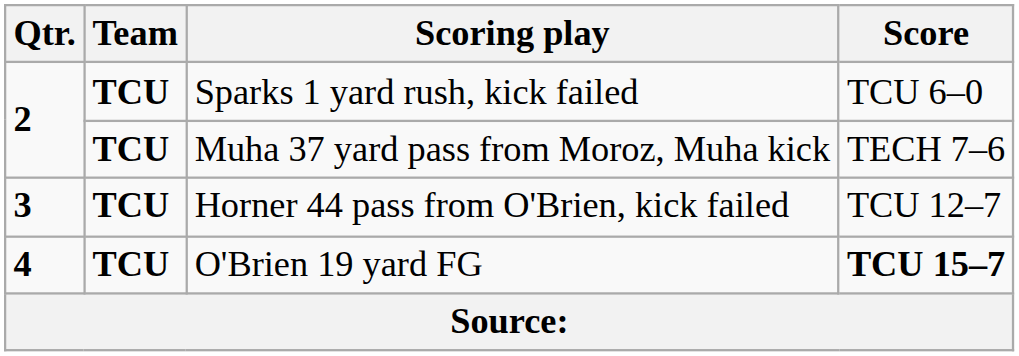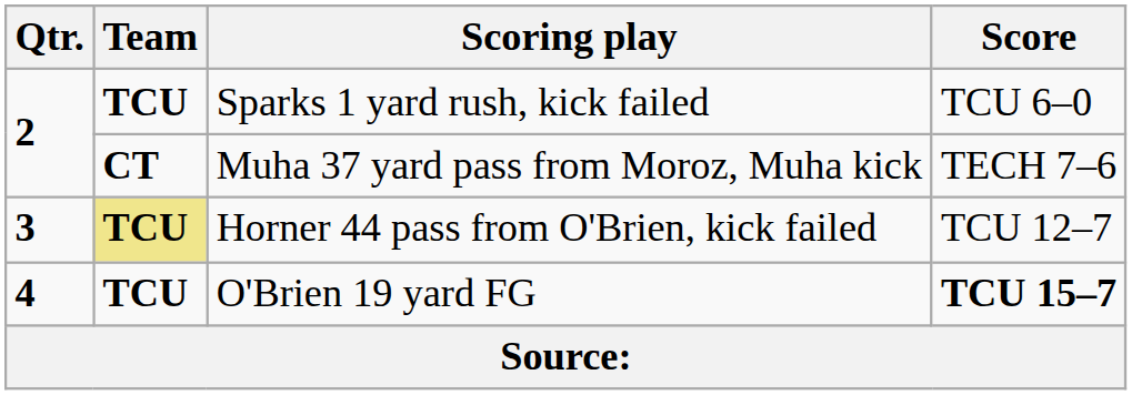 <table class="wikitable">
 <tr>
 <th>Qtr.</th>
 <th>Team</th>
 <th>Scoring play</th>
 <th>Score</th>
 </tr>
 <tr>
 <td rowspan=2><strong>2</strong></td>
 <td><strong>TCU</strong></td>
 <td>Sparks 1 yard rush, kick failed</td>
 <td>TCU 6–0</td>
 </tr>
 <tr>
-<td><strong>TCU</strong></td>
+<td><strong>CT</strong></td>
 <td>Muha 37 yard pass from Moroz, Muha kick</td>
 <td>TECH 7–6</td>
 </tr>
 <tr>
 <td><strong>3</strong></td>
-<td><strong>TCU</strong></td>
+<td style="background: khaki;"><strong>TCU</strong></td>
 <td>Horner 44 pass from O'Brien, kick failed</td>
 <td>TCU 12–7</td>
 </tr>
 <tr>
 <td><strong>4</strong></td>
 <td><strong>TCU</strong></td>
 <td>O'Brien 19 yard FG</td>
 <td><strong>TCU 15–7</strong></td>
 </tr>
 <tr>
 <th colspan=4>Source:</th>
 </tr>
 </table>
